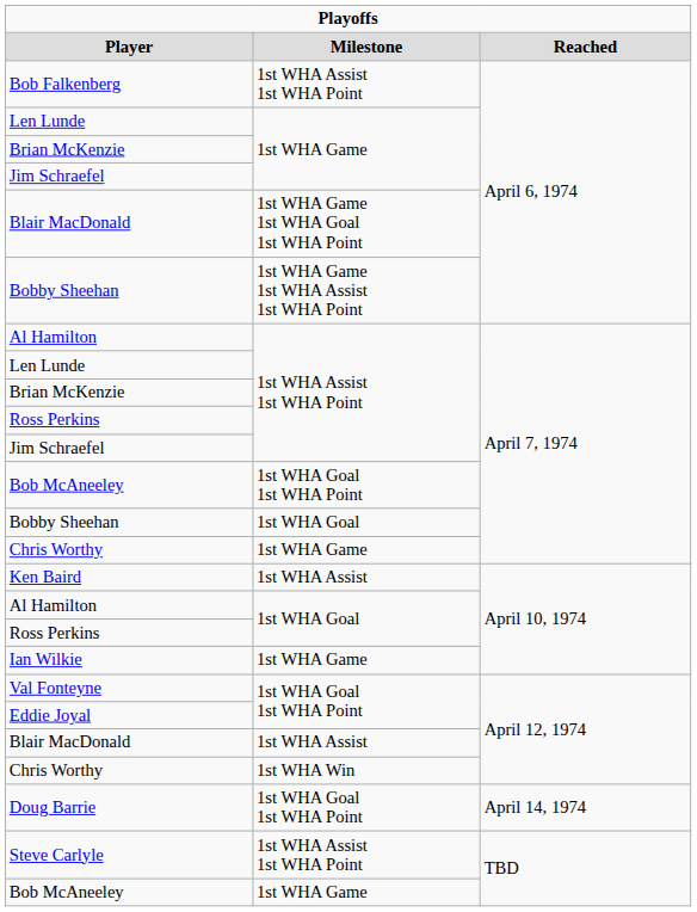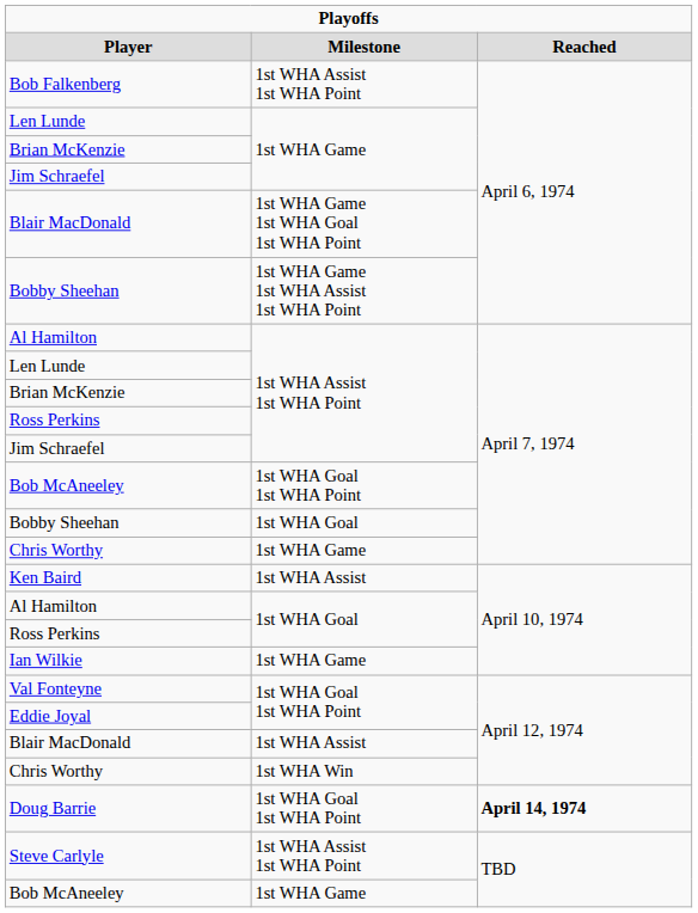 <table class="wikitable" width="50%">
 <tr>
 <td colspan="10" align="center"><strong>Playoffs</strong></td>
 </tr>
 <tr align="center"  bgcolor="#dddddd">
 <td><strong>Player</strong></td>
 <td><strong>Milestone</strong></td>
 <td><strong>Reached</strong></td>
 </tr>
 <tr>
 <td><a href='#'>Bob Falkenberg</a></td>
 <td>1st WHA Assist<br>1st WHA Point</td>
 <td rowspan="6">April 6, 1974</td>
 </tr>
 <tr>
 <td><a href='#'>Len Lunde</a></td>
 <td rowspan="3">1st WHA Game</td>
 </tr>
 <tr>
 <td><a href='#'>Brian McKenzie</a></td>
 </tr>
 <tr>
 <td><a href='#'>Jim Schraefel</a></td>
 </tr>
 <tr>
 <td><a href='#'>Blair MacDonald</a></td>
 <td>1st WHA Game<br>1st WHA Goal<br>1st WHA Point</td>
 </tr>
 <tr>
 <td><a href='#'>Bobby Sheehan</a></td>
 <td>1st WHA Game<br>1st WHA Assist<br>1st WHA Point</td>
 </tr>
 <tr>
 <td><a href='#'>Al Hamilton</a></td>
 <td rowspan="5">1st WHA Assist<br>1st WHA Point</td>
 <td rowspan="8">April 7, 1974</td>
 </tr>
 <tr>
 <td>Len Lunde</td>
 </tr>
 <tr>
 <td>Brian McKenzie</td>
 </tr>
 <tr>
 <td><a href='#'>Ross Perkins</a></td>
 </tr>
 <tr>
 <td>Jim Schraefel</td>
 </tr>
 <tr>
 <td><a href='#'>Bob McAneeley</a></td>
 <td>1st WHA Goal<br>1st WHA Point</td>
 </tr>
 <tr>
 <td>Bobby Sheehan</td>
 <td>1st WHA Goal</td>
 </tr>
 <tr>
 <td><a href='#'>Chris Worthy</a></td>
 <td>1st WHA Game</td>
 </tr>
 <tr>
 <td><a href='#'>Ken Baird</a></td>
 <td>1st WHA Assist</td>
 <td rowspan="4">April 10, 1974</td>
 </tr>
 <tr>
 <td>Al Hamilton</td>
 <td rowspan="2">1st WHA Goal</td>
 </tr>
 <tr>
 <td>Ross Perkins</td>
 </tr>
 <tr>
 <td><a href='#'>Ian Wilkie</a></td>
 <td>1st WHA Game</td>
 </tr>
 <tr>
 <td><a href='#'>Val Fonteyne</a></td>
 <td rowspan="2">1st WHA Goal<br>1st WHA Point</td>
 <td rowspan="4">April 12, 1974</td>
 </tr>
 <tr>
 <td><a href='#'>Eddie Joyal</a></td>
 </tr>
 <tr>
 <td>Blair MacDonald</td>
 <td>1st WHA Assist</td>
 </tr>
 <tr>
 <td>Chris Worthy</td>
 <td>1st WHA Win</td>
 </tr>
 <tr>
 <td><a href='#'>Doug Barrie</a></td>
 <td>1st WHA Goal<br>1st WHA Point</td>
-<td>April 14, 1974</td>
+<td><strong>April 14, 1974</strong></td>
 </tr>
 <tr>
 <td><a href='#'>Steve Carlyle</a></td>
 <td>1st WHA Assist<br>1st WHA Point</td>
 <td rowspan="2">TBD</td>
 </tr>
 <tr>
 <td>Bob McAneeley</td>
 <td>1st WHA Game</td>
 </tr>
 </table>
